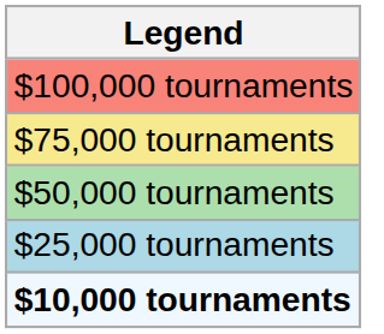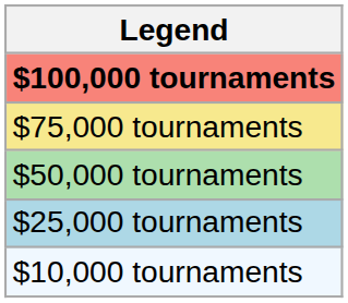 <table class="wikitable" style=font-size:85%>
 <tr>
 <th>Legend</th>
 </tr>
 <tr bgcolor=F88379>
-<td>$100,000 tournaments</td>
+<td><strong>$100,000 tournaments</strong></td>
 </tr>
 <tr bgcolor=F7E98E>
 <td>$75,000 tournaments</td>
 </tr>
 <tr bgcolor=ADDFAD>
 <td>$50,000 tournaments</td>
 </tr>
 <tr bgcolor=lightblue>
 <td>$25,000 tournaments</td>
 </tr>
 <tr bgcolor=f0f8ff>
-<td><strong>$10,000 tournaments</strong></td>
+<td>$10,000 tournaments</td>
 </tr>
 </table>
